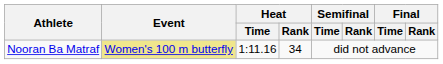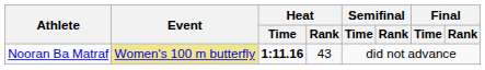 <table class=wikitable style="font-size:90%">
 <tr>
 <th rowspan="2">Athlete</th>
 <th rowspan="2">Event</th>
 <th colspan="2">Heat</th>
 <th colspan="2">Semifinal</th>
 <th colspan="2">Final</th>
 </tr>
 <tr style="font-size:95%">
 <th>Time</th>
 <th>Rank</th>
 <th>Time</th>
 <th>Rank</th>
 <th>Time</th>
 <th>Rank</th>
 </tr>
 <tr align=center>
 <td align=left><a href='#'>Nooran Ba Matraf</a></td>
 <td align=left style="background: khaki;"><a href='#'>Women's 100 m butterfly</a></td>
-<td>1:11.16</td>
-<td>34</td>
+<td><strong>1:11.16</strong></td>
+<td>43</td>
 <td colspan=4>did not advance</td>
 </tr>
 </table>
